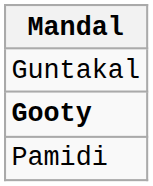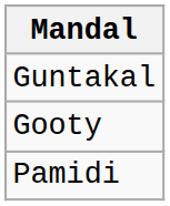 <table class="wikitable sortable static-row-numbers static-row-header-hash">
 <tr>
 <th>Mandal</th>
 </tr>
 <tr>
 <td>Guntakal</td>
 </tr>
 <tr>
-<td><strong>Gooty</strong></td>
+<td>Gooty</td>
 </tr>
 <tr>
 <td>Pamidi</td>
 </tr>
 </table>
